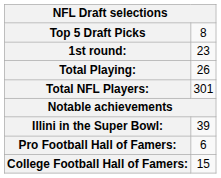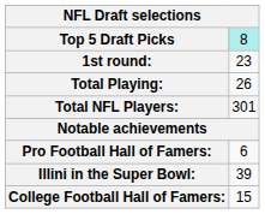 <table class="wikitable" style="text-align: right;">
 <tr>
 <th colspan="2">NFL Draft selections</th>
 </tr>
 <tr>
 <th>Top 5 Draft Picks</th>
-<td align=center>8</td>
+<td align=center style="background: paleturquoise;">8</td>
 </tr>
 <tr>
 <th>1st round:</th>
 <td align=center>23</td>
 </tr>
 <tr>
 <th>Total Playing:</th>
 <td align=center>26</td>
 </tr>
 <tr>
 <th>Total NFL Players:</th>
 <td align=center>301</td>
 </tr>
 <tr>
 <th colspan="2">Notable achievements</th>
 </tr>
 <tr>
+<th>Pro Football Hall of Famers:</th>
+<td align=center>6</td>
+</tr>
+<tr>
 <th>Illini in the Super Bowl:</th>
 <td align=center>39</td>
-</tr>
-<tr>
-<th>Pro Football Hall of Famers:</th>
-<td align=center>6</td>
 </tr>
 <tr>
 <th>College Football Hall of Famers:</th>
 <td align=center>15</td>
 </tr>
 </table>
